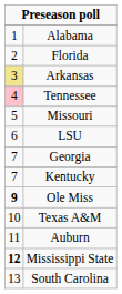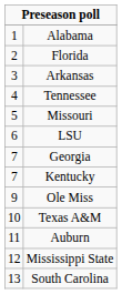 <table class="wikitable">
 <tr align="center">
 <td align="center" Colspan="3"><strong>Preseason poll</strong></td>
 </tr>
 <tr align="center">
 </tr>
 <tr align="center">
 <td>1</td>
 <td>Alabama</td>
 </tr>
 <tr align="center">
 <td>2</td>
 <td>Florida</td>
 </tr>
 <tr align="center">
-<td style="background: khaki;">3</td>
+<td>3</td>
 <td>Arkansas</td>
 </tr>
 <tr align="center">
-<td style="background: pink;">4</td>
+<td>4</td>
 <td>Tennessee</td>
 </tr>
 <tr align="center">
 <td>5</td>
 <td>Missouri</td>
 </tr>
 <tr align="center">
 <td>6</td>
 <td>LSU</td>
 </tr>
 <tr align="center">
 <td>7</td>
 <td>Georgia</td>
 </tr>
 <tr align="center">
 <td>7</td>
 <td>Kentucky</td>
 </tr>
 <tr align="center">
-<td><strong>9</strong></td>
+<td>9</td>
 <td>Ole Miss</td>
 </tr>
 <tr align="center">
 <td>10</td>
 <td>Texas A&M</td>
 </tr>
 <tr align="center">
 <td>11</td>
 <td>Auburn</td>
 </tr>
 <tr align="center">
-<td><strong>12</strong></td>
+<td>12</td>
 <td>Mississippi State</td>
 </tr>
 <tr align="center">
 <td>13</td>
 <td>South Carolina</td>
 </tr>
 </table>
